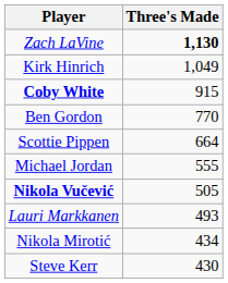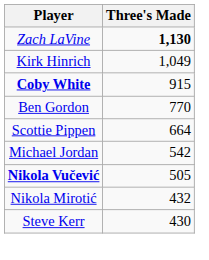 <table class="wikitable sortable">
 <tr>
 <th scope="col">Player</th>
 <th scope="col">Three's Made</th>
 </tr>
 <tr>
 <td style="text-align:center"><em><a href='#'>Zach LaVine</a></em></td>
 <td style="text-align:right"><strong>1,130</strong></td>
 </tr>
 <tr>
 <td style="text-align:center"><a href='#'>Kirk Hinrich</a></td>
 <td style="text-align:right">1,049</td>
 </tr>
 <tr>
 <td style="text-align:center"><strong><a href='#'>Coby White</a></strong></td>
 <td style="text-align:right">915</td>
 </tr>
 <tr>
 <td style="text-align:center"><a href='#'>Ben Gordon</a></td>
 <td style="text-align:right">770</td>
 </tr>
 <tr>
 <td style="text-align:center"><a href='#'>Scottie Pippen</a></td>
 <td style="text-align:right">664</td>
 </tr>
 <tr>
 <td style="text-align:center"><a href='#'>Michael Jordan</a></td>
-<td style="text-align:right">555</td>
+<td style="text-align:right">542</td>
 </tr>
 <tr>
 <td style="text-align:center"><strong><a href='#'>Nikola Vučević</a></strong></td>
 <td style="text-align:right">505</td>
 </tr>
 <tr>
-<td style="text-align:center"><em><a href='#'>Lauri Markkanen</a></em></td>
-<td style="text-align:right">493</td>
-</tr>
-<tr>
 <td style="text-align:center"><a href='#'>Nikola Mirotić</a></td>
-<td style="text-align:right">434</td>
+<td style="text-align:right">432</td>
 </tr>
 <tr>
 <td style="text-align:center"><a href='#'>Steve Kerr</a></td>
 <td style="text-align:right">430</td>
 </tr>
 </table>
